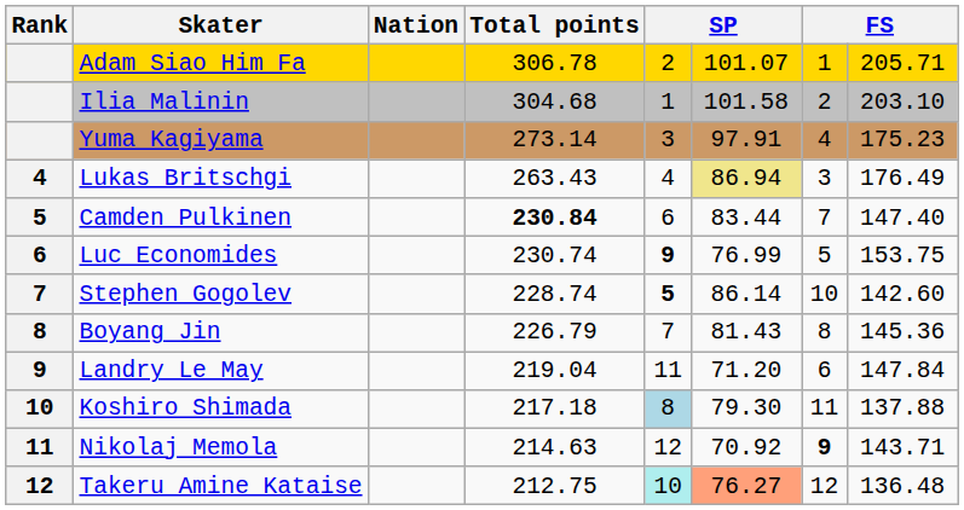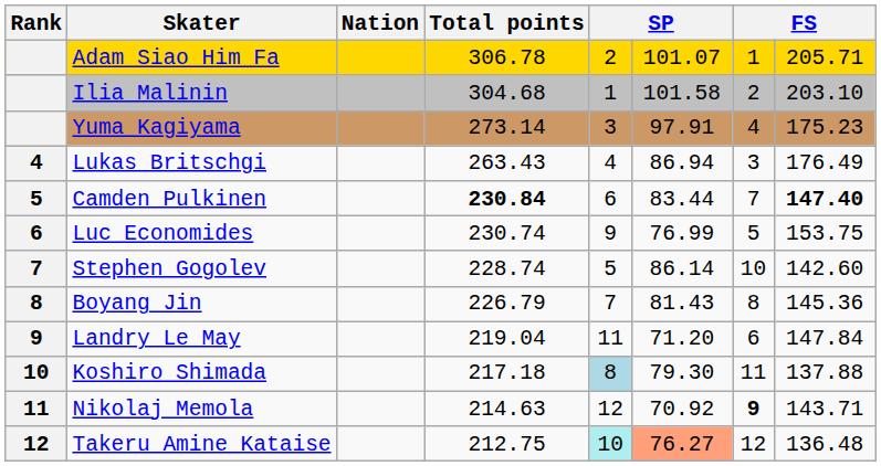 <table class="wikitable sortable" style="text-align:left">
 <tr>
 <th scope="col">Rank</th>
 <th scope="col">Skater</th>
 <th scope="col">Nation</th>
 <th scope="col">Total points</th>
 <th scope="col" colspan="2" width="80px"><a href='#'>SP</a></th>
 <th scope="col" colspan="2" width="80px"><a href='#'>FS</a></th>
 </tr>
 <tr bgcolor="gold">
 <th scope="row"></th>
 <td><a href='#'>Adam Siao Him Fa</a></td>
 <td></td>
 <td align="center">306.78</td>
 <td align="center">2</td>
 <td align="center">101.07</td>
 <td align="center">1</td>
 <td align="center">205.71</td>
 </tr>
 <tr bgcolor="silver">
 <th scope="row"></th>
 <td><a href='#'>Ilia Malinin</a></td>
 <td></td>
 <td align="center">304.68</td>
 <td align="center">1</td>
 <td align="center">101.58</td>
 <td align="center">2</td>
 <td align="center">203.10</td>
 </tr>
 <tr bgcolor="cc9966">
 <th scope="row"></th>
 <td><a href='#'>Yuma Kagiyama</a></td>
 <td></td>
 <td align="center">273.14</td>
 <td align="center">3</td>
 <td align="center">97.91</td>
 <td align="center">4</td>
 <td align="center">175.23</td>
 </tr>
 <tr>
 <th scope="row">4</th>
 <td><a href='#'>Lukas Britschgi</a></td>
 <td></td>
 <td align="center">263.43</td>
 <td align="center">4</td>
-<td align="center" style="background: khaki;">86.94</td>
+<td align="center">86.94</td>
 <td align="center">3</td>
 <td align="center">176.49</td>
 </tr>
 <tr>
 <th scope="row">5</th>
 <td><a href='#'>Camden Pulkinen</a></td>
 <td></td>
 <td align="center"><strong>230.84</strong></td>
 <td align="center">6</td>
 <td align="center">83.44</td>
 <td align="center">7</td>
-<td align="center">147.40</td>
+<td align="center"><strong>147.40</strong></td>
 </tr>
 <tr>
 <th scope="row">6</th>
 <td><a href='#'>Luc Economides</a></td>
 <td></td>
 <td align="center">230.74</td>
-<td align="center"><strong>9</strong></td>
+<td align="center">9</td>
 <td align="center">76.99</td>
 <td align="center">5</td>
 <td align="center">153.75</td>
 </tr>
 <tr>
 <th scope="row">7</th>
 <td><a href='#'>Stephen Gogolev</a></td>
 <td></td>
 <td align="center">228.74</td>
-<td align="center"><strong>5</strong></td>
+<td align="center">5</td>
 <td align="center">86.14</td>
 <td align="center">10</td>
 <td align="center">142.60</td>
 </tr>
 <tr>
 <th scope="row">8</th>
 <td><a href='#'>Boyang Jin</a></td>
 <td></td>
 <td align="center">226.79</td>
 <td align="center">7</td>
 <td align="center">81.43</td>
 <td align="center">8</td>
 <td align="center">145.36</td>
 </tr>
 <tr>
 <th scope="row">9</th>
 <td><a href='#'>Landry Le May</a></td>
 <td></td>
 <td align="center">219.04</td>
 <td align="center">11</td>
 <td align="center">71.20</td>
 <td align="center">6</td>
 <td align="center">147.84</td>
 </tr>
 <tr>
 <th scope="row">10</th>
 <td><a href='#'>Koshiro Shimada</a></td>
 <td></td>
 <td align="center">217.18</td>
 <td align="center" style="background: lightblue;">8</td>
 <td align="center">79.30</td>
 <td align="center">11</td>
 <td align="center">137.88</td>
 </tr>
 <tr>
 <th scope="row">11</th>
 <td><a href='#'>Nikolaj Memola</a></td>
 <td></td>
 <td align="center">214.63</td>
 <td align="center">12</td>
 <td align="center">70.92</td>
 <td align="center"><strong>9</strong></td>
 <td align="center">143.71</td>
 </tr>
 <tr>
 <th scope="row">12</th>
 <td><a href='#'>Takeru Amine Kataise</a></td>
 <td></td>
 <td align="center">212.75</td>
 <td align="center" style="background: paleturquoise;">10</td>
 <td align="center" style="background: lightsalmon;">76.27</td>
 <td align="center">12</td>
 <td align="center">136.48</td>
 </tr>
 </table>
